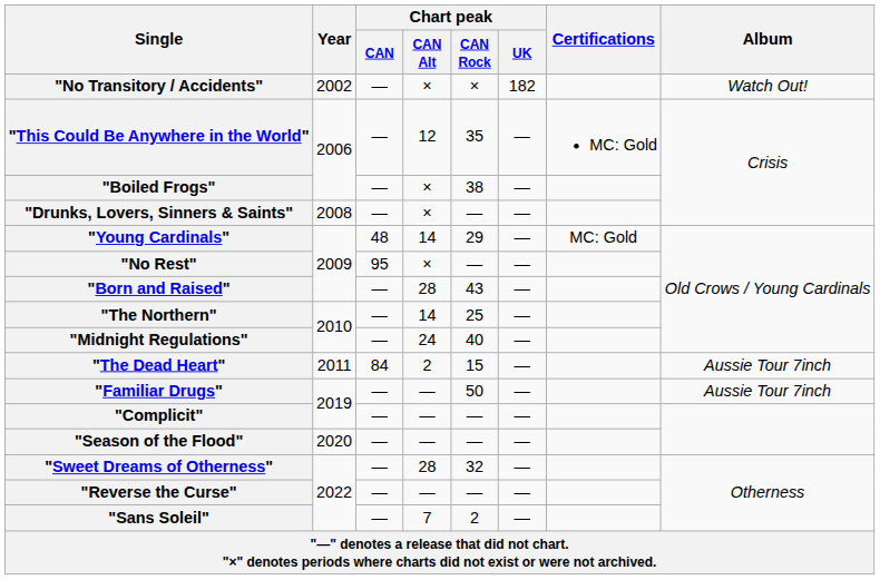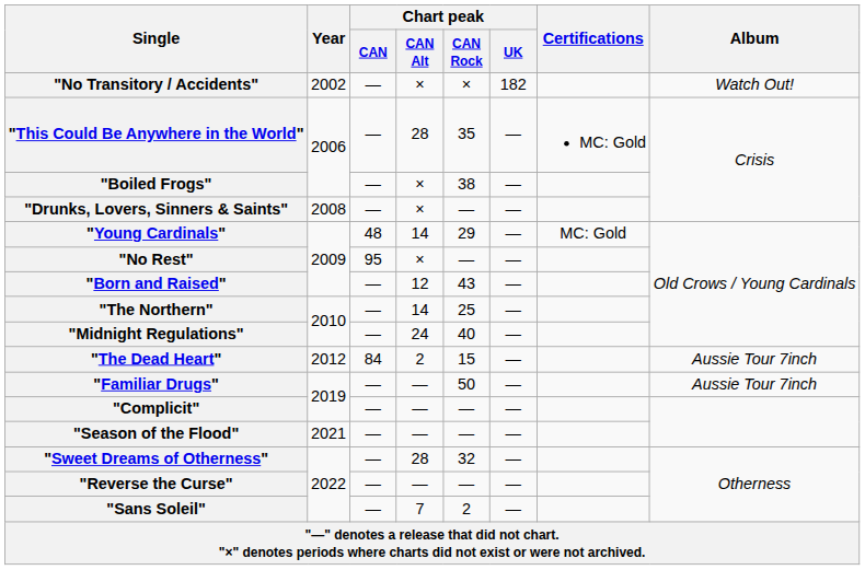 <table class="wikitable plainrowheaders" style="text-align:center;">
 <tr>
 <th scope="col" rowspan="2">Single</th>
 <th scope="col" rowspan="2">Year</th>
 <th scope="col" colspan="4">Chart peak</th>
 <th scope="col" rowspan="2"><a href='#'>Certifications</a></th>
 <th scope="col" rowspan="2">Album</th>
 </tr>
 <tr>
 <th scope="col" width="40"><small><a href='#'>CAN</a><br></small></th>
 <th width="40"><small><a href='#'>CAN<br>Alt</a><br></small></th>
 <th scope="col" width="40"><small><a href='#'>CAN<br>Rock</a><br></small></th>
 <th scope="col" width="40"><small><a href='#'>UK</a><br></small></th>
 </tr>
 <tr>
 <th scope="row">"No Transitory / Accidents"</th>
 <td>2002</td>
 <td align="center">—</td>
 <td align="center">×</td>
 <td align="center">×</td>
 <td align="center">182</td>
 <td></td>
 <td><em>Watch Out!</em></td>
 </tr>
 <tr>
 <th scope="row">"<a href='#'>This Could Be Anywhere in the World</a>"</th>
 <td rowspan="2">2006</td>
 <td align="center">—</td>
-<td align="center">12</td>
+<td align="center">28</td>
 <td align="center">35</td>
 <td align="center">—</td>
 <td><br><ul><li>MC: Gold</li></ul></td>
 <td rowspan="3"><em>Crisis</em></td>
 </tr>
 <tr>
 <th scope="row">"Boiled Frogs"</th>
 <td align="center">—</td>
 <td align="center">×</td>
 <td align="center">38</td>
 <td align="center">—</td>
 <td></td>
 </tr>
 <tr>
 <th scope="row">"Drunks, Lovers, Sinners & Saints"</th>
 <td>2008</td>
 <td align="center">—</td>
 <td align="center">×</td>
 <td align="center">—</td>
 <td align="center">—</td>
 <td></td>
 </tr>
 <tr>
 <th scope="row">"<a href='#'>Young Cardinals</a>"</th>
 <td rowspan="3">2009</td>
 <td align="center">48</td>
 <td align="center">14</td>
 <td align="center">29</td>
 <td align="center">—</td>
 <td>MC: Gold</td>
 <td rowspan="5"><em>Old Crows / Young Cardinals</em></td>
 </tr>
 <tr>
 <th scope="row">"No Rest"</th>
 <td align="center">95</td>
 <td align="center">×</td>
 <td align="center">—</td>
 <td align="center">—</td>
 <td></td>
 </tr>
 <tr>
 <th scope="row">"<a href='#'>Born and Raised</a>"</th>
 <td align="center">—</td>
-<td align="center">28</td>
+<td align="center">12</td>
 <td align="center">43</td>
 <td align="center">—</td>
 <td></td>
 </tr>
 <tr>
 <th scope="row">"The Northern"</th>
 <td rowspan="2">2010</td>
 <td align="center">—</td>
 <td align="center">14</td>
 <td align="center">25</td>
 <td align="center">—</td>
 <td></td>
 </tr>
 <tr>
 <th scope="row">"Midnight Regulations"</th>
 <td align="center">—</td>
 <td align="center">24</td>
 <td align="center">40</td>
 <td align="center">—</td>
 <td></td>
 </tr>
 <tr>
 <th scope="row">"<a href='#'>The Dead Heart</a>"</th>
-<td>2011</td>
+<td>2012</td>
 <td align="center">84</td>
 <td align="center">2</td>
 <td align="center">15</td>
 <td align="center">—</td>
 <td></td>
 <td><em>Aussie Tour 7inch</em></td>
 </tr>
 <tr>
 <th scope="row">"<a href='#'>Familiar Drugs</a>"</th>
 <td rowspan="2">2019</td>
 <td align="center">—</td>
 <td align="center">—</td>
 <td align="center">50</td>
 <td align="center">—</td>
 <td></td>
 <td><em>Aussie Tour 7inch</em></td>
 </tr>
 <tr>
 <th scope="row">"Complicit"</th>
 <td align="center">—</td>
 <td align="center">—</td>
 <td align="center">—</td>
 <td align="center">—</td>
 <td></td>
 </tr>
 <tr>
 <th scope="row">"Season of the Flood"</th>
-<td>2020</td>
+<td>2021</td>
 <td align="center">—</td>
 <td align="center">—</td>
 <td align="center">—</td>
 <td align="center">—</td>
 <td></td>
 </tr>
 <tr>
 <th scope="row">"<a href='#'>Sweet Dreams of Otherness</a>"</th>
 <td rowspan="3">2022</td>
 <td align="center">—</td>
 <td align="center">28</td>
 <td align="center">32</td>
 <td align="center">—</td>
 <td></td>
 <td rowspan="3"><em>Otherness</em></td>
 </tr>
 <tr>
 <th scope="row">"Reverse the Curse"</th>
 <td align="center">—</td>
 <td align="center">—</td>
 <td align="center">—</td>
 <td align="center">—</td>
 <td></td>
 </tr>
 <tr>
 <th scope="row">"Sans Soleil"</th>
 <td align="center">—</td>
 <td align="center">7</td>
 <td align="center">2</td>
 <td align="center">—</td>
 <td></td>
 </tr>
 <tr>
 <th colspan="10"><small>"—" denotes a release that did not chart.<br>"×" denotes periods where charts did not exist or were not archived.</small></th>
 </tr>
 </table>
